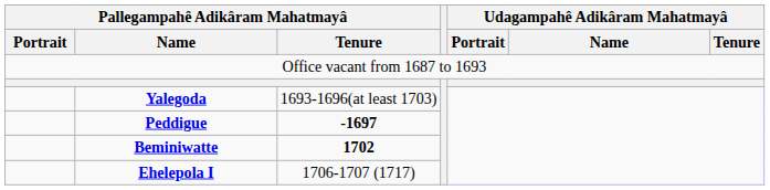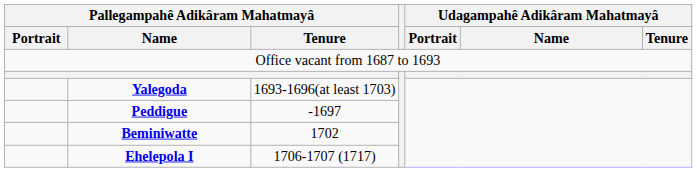 <table class="wikitable" style="text-align:center; border:1px #aaf solid;">
 <tr>
 <th colspan="3">Pallegampahê Adikâram Mahatmayâ</th>
 <th rowspan="2"></th>
 <th colspan="3">Udagampahê Adikâram Mahatmayâ</th>
 </tr>
 <tr>
 <th>Portrait</th>
 <th width="200">Name<br></th>
 <th>Tenure</th>
 <th>Portrait</th>
 <th width="200">Name<br></th>
 <th>Tenure</th>
 </tr>
 <tr>
 <td colspan="7">Office vacant from 1687 to 1693</td>
 </tr>
 <tr>
 <th colspan="3"></th>
 <th rowspan="5"></th>
 <th colspan="3"></th>
 </tr>
 <tr>
 <td width="65"></td>
 <td><strong><a href='#'>Yalegoda</a></strong><br></td>
 <td class="nowrap">1693-1696(at least 1703)</td>
 </tr>
 <tr>
 <td width="65"></td>
 <td><strong><a href='#'>Peddigue</a></strong><br></td>
-<td class="nowrap"><strong>-1697</strong></td>
+<td class="nowrap">-1697</td>
 </tr>
 <tr>
 <td width="65"></td>
 <td><strong><a href='#'>Beminiwatte</a></strong><br></td>
-<td class="nowrap"><strong>1702</strong></td>
+<td class="nowrap">1702</td>
 </tr>
 <tr>
 <td width="65"></td>
 <td><strong><a href='#'>Ehelepola I</a></strong><br></td>
 <td class="nowrap">1706-1707 (1717)</td>
 </tr>
 </table>
